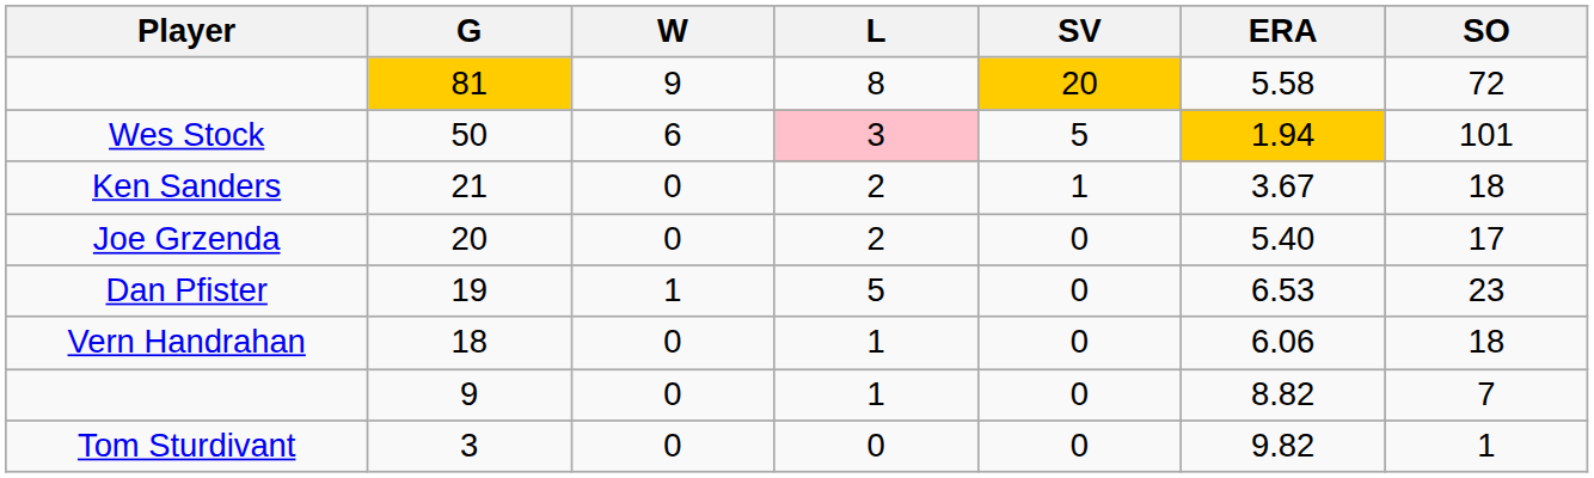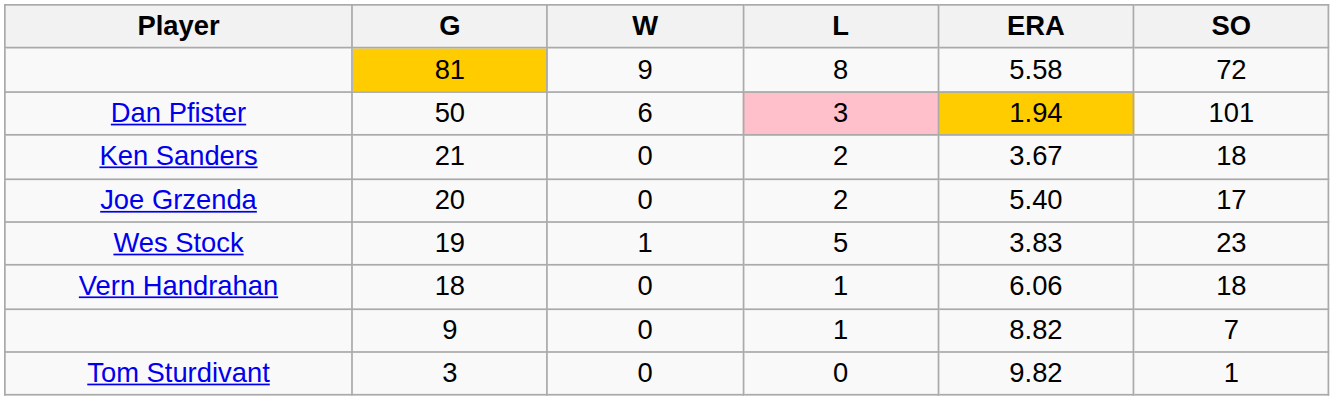 <table class="wikitable sortable">
 <tr>
 <th bgcolor="#DDDDFF" width="16%">Player</th>
 <th bgcolor="#DDDDFF" width="9%">G</th>
 <th bgcolor="#DDDDFF" width="9%">W</th>
 <th bgcolor="#DDDDFF" width="9%">L</th>
-<th bgcolor="#DDDDFF" width="9%">SV</th>
 <th bgcolor="#DDDDFF" width="9%">ERA</th>
 <th bgcolor="#DDDDFF" width="9%">SO</th>
 </tr>
 <tr align="center">
 <td></td>
 <td style="background:#fc0;">81</td>
 <td>9</td>
 <td>8</td>
-<td style="background:#fc0;">20</td>
 <td>5.58</td>
 <td>72</td>
 </tr>
 <tr align="center">
-<td><a href='#'>Wes Stock</a></td>
+<td><a href='#'>Dan Pfister</a></td>
 <td>50</td>
 <td>6</td>
 <td style="background: pink;">3</td>
-<td>5</td>
 <td style="background:#fc0;">1.94</td>
 <td>101</td>
 </tr>
 <tr align=center>
 <td><a href='#'>Ken Sanders</a></td>
 <td>21</td>
 <td>0</td>
 <td>2</td>
-<td>1</td>
 <td>3.67</td>
 <td>18</td>
 </tr>
 <tr align=center>
 <td><a href='#'>Joe Grzenda</a></td>
 <td>20</td>
 <td>0</td>
 <td>2</td>
-<td>0</td>
 <td>5.40</td>
 <td>17</td>
 </tr>
 <tr align=center>
-<td><a href='#'>Dan Pfister</a></td>
+<td><a href='#'>Wes Stock</a></td>
 <td>19</td>
 <td>1</td>
 <td>5</td>
-<td>0</td>
-<td>6.53</td>
+<td>3.83</td>
 <td>23</td>
 </tr>
 <tr align=center>
 <td><a href='#'>Vern Handrahan</a></td>
 <td>18</td>
 <td>0</td>
 <td>1</td>
-<td>0</td>
 <td>6.06</td>
 <td>18</td>
 </tr>
 <tr align="center">
 <td></td>
 <td>9</td>
 <td>0</td>
 <td>1</td>
-<td>0</td>
 <td>8.82</td>
 <td>7</td>
 </tr>
 <tr align="center">
 <td><a href='#'>Tom Sturdivant</a></td>
 <td>3</td>
 <td>0</td>
 <td>0</td>
-<td>0</td>
 <td>9.82</td>
 <td>1</td>
 </tr>
 </table>
